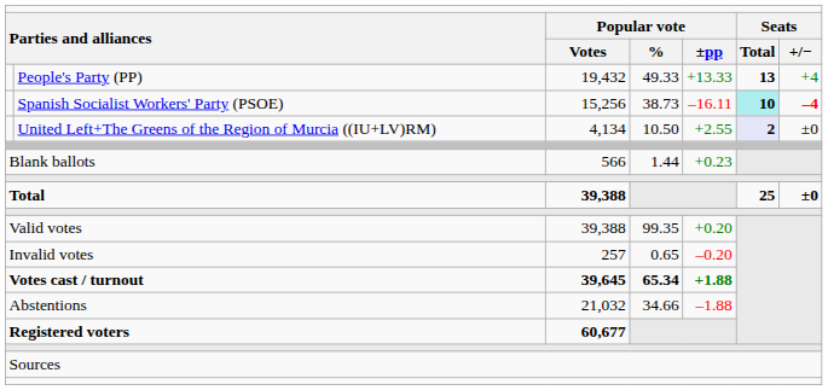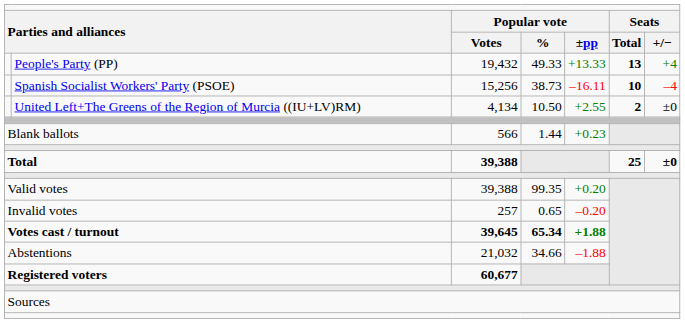 <table class="wikitable" style="text-align:right;">
 <tr>
 <td colspan="7"></td>
 </tr>
 <tr>
 <th style="text-align:left;" rowspan="2" colspan="2" width="525">Parties and alliances</th>
 <th colspan="3">Popular vote</th>
 <th colspan="2">Seats</th>
 </tr>
 <tr>
 <th width="75">Votes</th>
 <th width="45">%</th>
 <th width="45">±<a href='#'>pp</a></th>
 <th width="35">Total</th>
 <th width="35">+/−</th>
 </tr>
 <tr>
 <td width="1" style="color:inherit;background:"></td>
 <td align="left"><a href='#'>People's Party</a> (PP)</td>
 <td>19,432</td>
 <td>49.33</td>
 <td style="color:green;">+13.33</td>
 <td><strong>13</strong></td>
 <td style="color:green;">+4</td>
 </tr>
 <tr>
 <td style="color:inherit;background:"></td>
 <td align="left"><a href='#'>Spanish Socialist Workers' Party</a> (PSOE)</td>
 <td>15,256</td>
 <td>38.73</td>
 <td style="color:red;">–16.11</td>
-<td style="background: paleturquoise;"><strong>10</strong></td>
-<td style="color:red;"><strong>–4</strong></td>
+<td><strong>10</strong></td>
+<td style="color:red;">–4</td>
 </tr>
 <tr>
 <td style="color:inherit;background:"></td>
 <td align="left"><a href='#'>United Left+The Greens of the Region of Murcia</a> ((IU+LV)RM)</td>
 <td>4,134</td>
 <td>10.50</td>
 <td style="color:green;">+2.55</td>
-<td style="background: lavender;"><strong>2</strong></td>
+<td><strong>2</strong></td>
 <td>±0</td>
 </tr>
 <tr>
 <td colspan="7" bgcolor="#C0C0C0"></td>
 </tr>
 <tr>
 <td align="left" colspan="2">Blank ballots</td>
 <td>566</td>
 <td>1.44</td>
 <td style="color:green;">+0.23</td>
 <td bgcolor="#E9E9E9" colspan="2"></td>
 </tr>
 <tr>
 <td colspan="7" bgcolor="#E9E9E9"></td>
 </tr>
 <tr style="font-weight:bold;">
 <td align="left" colspan="2">Total</td>
 <td>39,388</td>
 <td bgcolor="#E9E9E9" colspan="2"></td>
 <td>25</td>
 <td>±0</td>
 </tr>
 <tr>
 <td colspan="7" bgcolor="#E9E9E9"></td>
 </tr>
 <tr>
 <td align="left" colspan="2">Valid votes</td>
 <td>39,388</td>
 <td>99.35</td>
 <td style="color:green;">+0.20</td>
 <td bgcolor="#E9E9E9" colspan="2" rowspan="5"></td>
 </tr>
 <tr>
 <td align="left" colspan="2">Invalid votes</td>
 <td>257</td>
 <td>0.65</td>
 <td style="color:red;">–0.20</td>
 </tr>
 <tr style="font-weight:bold;">
 <td align="left" colspan="2">Votes cast / turnout</td>
 <td>39,645</td>
 <td>65.34</td>
 <td style="color:green;">+1.88</td>
 </tr>
 <tr>
 <td align="left" colspan="2">Abstentions</td>
 <td>21,032</td>
 <td>34.66</td>
 <td style="color:red;">–1.88</td>
 </tr>
 <tr style="font-weight:bold;">
 <td align="left" colspan="2">Registered voters</td>
 <td>60,677</td>
 <td bgcolor="#E9E9E9" colspan="2"></td>
 </tr>
 <tr>
 <td colspan="7" bgcolor="#E9E9E9"></td>
 </tr>
 <tr>
 <td align="left" colspan="7">Sources</td>
 </tr>
 <tr>
 <td colspan="7" style="text-align:left; max-width:790px;"></td>
 </tr>
 </table>
